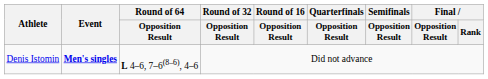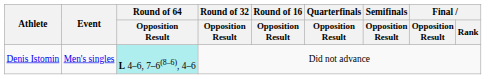 <table class="wikitable" style="font-size:90%;">
 <tr>
 <th rowspan=2>Athlete</th>
 <th rowspan=2>Event</th>
 <th>Round of 64</th>
 <th>Round of 32</th>
 <th>Round of 16</th>
 <th>Quarterfinals</th>
 <th>Semifinals</th>
 <th colspan=2>Final / </th>
 </tr>
 <tr style="font-size:95%">
 <th>Opposition<br>Result</th>
 <th>Opposition<br>Result</th>
 <th>Opposition<br>Result</th>
 <th>Opposition<br>Result</th>
 <th>Opposition<br>Result</th>
 <th>Opposition<br>Result</th>
 <th>Rank</th>
 </tr>
 <tr align=center>
 <td align=left><a href='#'>Denis Istomin</a></td>
-<td align=left><strong><a href='#'>Men's singles</a></strong></td>
-<td><br><strong>L</strong> 4–6, 7–6<sup>(8–6)</sup>, 4–6</td>
+<td align=left><a href='#'>Men's singles</a></td>
+<td style="background: paleturquoise;"><br><strong>L</strong> 4–6, 7–6<sup>(8–6)</sup>, 4–6</td>
 <td colspan=6>Did not advance</td>
 </tr>
 </table>
